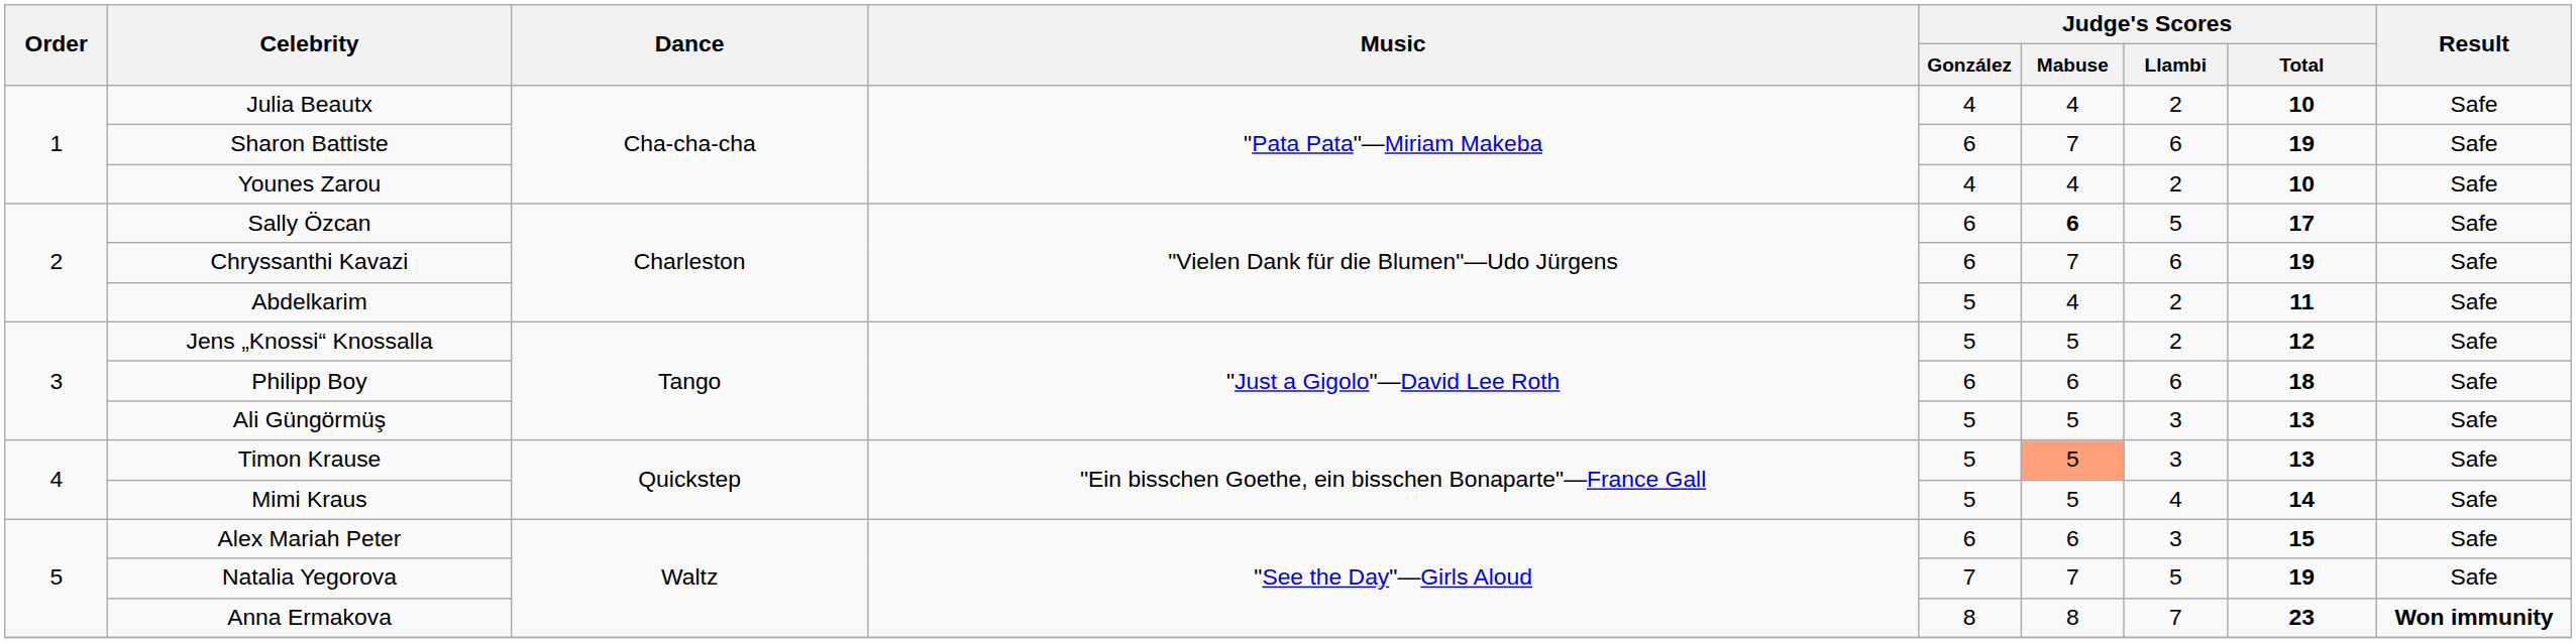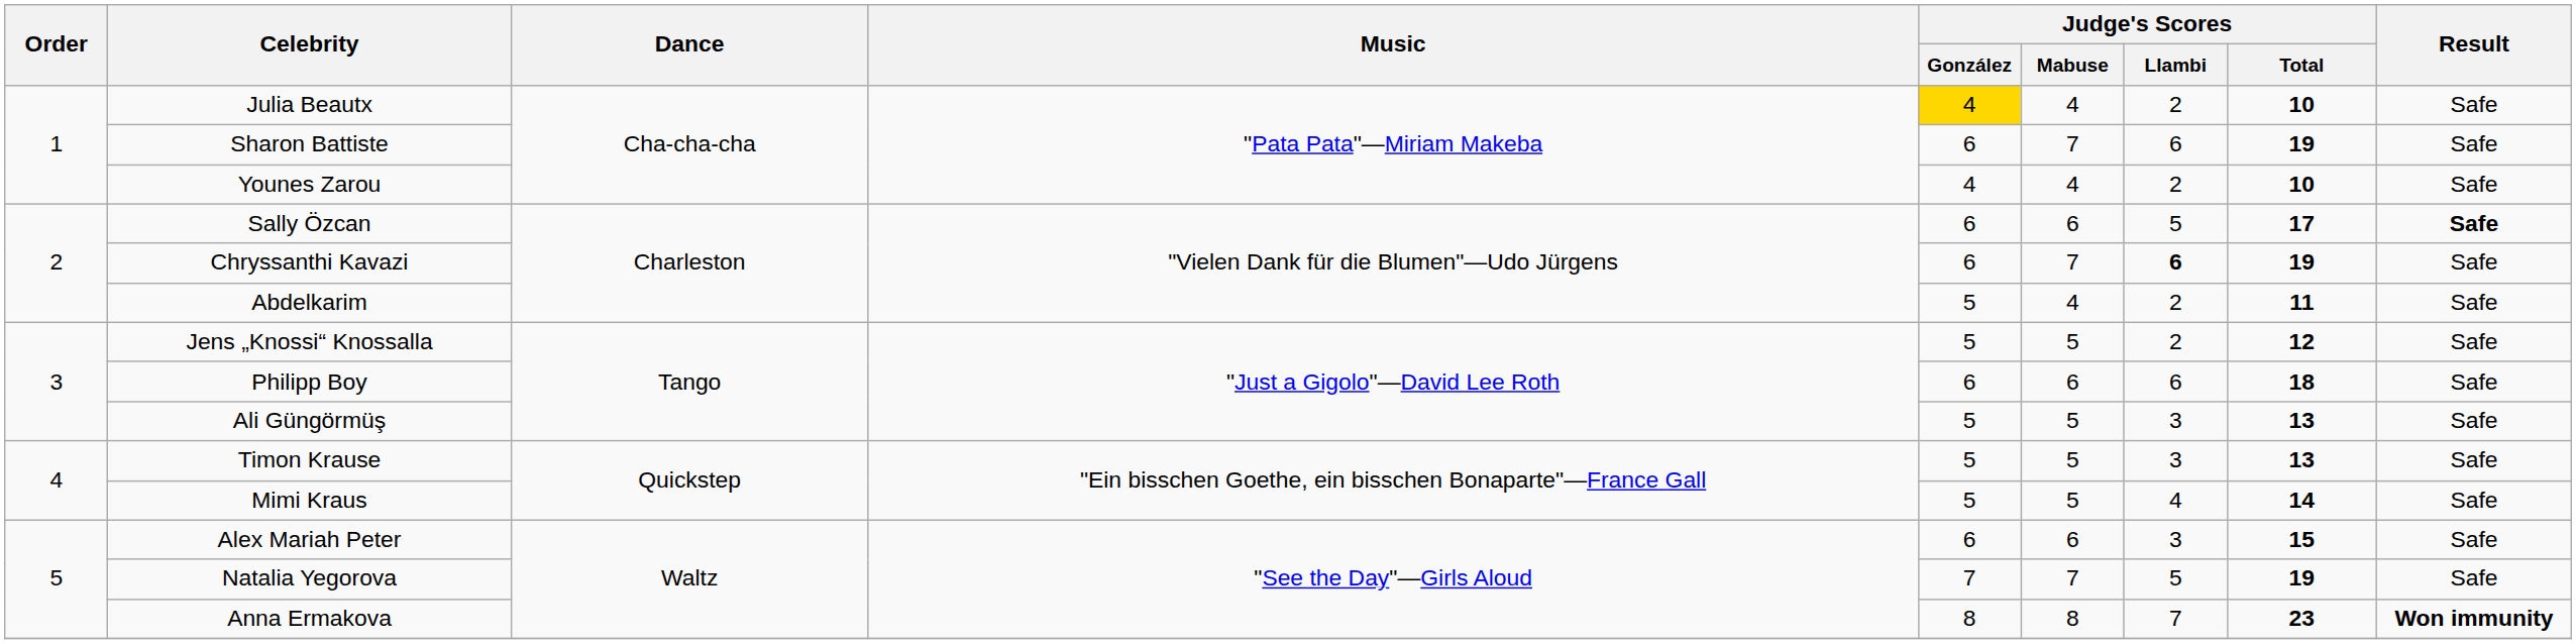 <table class="wikitable center sortable" style="text-align:center; font-size:100%; line-height:20px;">
 <tr>
 <th rowspan="2" style="width: 4em">Order</th>
 <th rowspan="2" style="width: 17em">Celebrity</th>
 <th rowspan="2" style="width: 15em">Dance</th>
 <th rowspan="2" style="width: 45em">Music</th>
 <th colspan="4">Judge's Scores</th>
 <th rowspan="2" style="width: 8em">Result</th>
 </tr>
 <tr>
 <th style="width: 4em"><small>González</small></th>
 <th style="width: 4em"><small>Mabuse</small></th>
 <th style="width: 4em"><small>Llambi</small></th>
 <th style="width: 6em"><small>Total</small></th>
 </tr>
 <tr>
 <td rowspan="3">1</td>
 <td>Julia Beautx</td>
 <td rowspan="3">Cha-cha-cha</td>
 <td rowspan="3">"<a href='#'>Pata Pata</a>"—<a href='#'>Miriam Makeba</a></td>
-<td>4</td>
+<td style="background: gold;">4</td>
 <td>4</td>
 <td>2</td>
 <td><strong>10</strong></td>
 <td>Safe</td>
 </tr>
 <tr>
 <td>Sharon Battiste</td>
 <td>6</td>
 <td>7</td>
 <td>6</td>
 <td><strong>19</strong></td>
 <td>Safe</td>
 </tr>
 <tr>
 <td>Younes Zarou</td>
 <td>4</td>
 <td>4</td>
 <td>2</td>
 <td><strong>10</strong></td>
 <td>Safe</td>
 </tr>
 <tr>
 <td rowspan="3">2</td>
 <td>Sally Özcan</td>
 <td rowspan="3">Charleston</td>
 <td rowspan="3">"Vielen Dank für die Blumen"—Udo Jürgens</td>
 <td>6</td>
-<td><strong>6</strong></td>
+<td>6</td>
 <td>5</td>
 <td><strong>17</strong></td>
-<td>Safe</td>
+<td><strong>Safe</strong></td>
 </tr>
 <tr>
 <td>Chryssanthi Kavazi</td>
 <td>6</td>
 <td>7</td>
-<td>6</td>
+<td><strong>6</strong></td>
 <td><strong>19</strong></td>
 <td>Safe</td>
 </tr>
 <tr>
 <td>Abdelkarim</td>
 <td>5</td>
 <td>4</td>
 <td>2</td>
 <td><strong>11</strong></td>
 <td>Safe</td>
 </tr>
 <tr>
 <td rowspan="3">3</td>
 <td>Jens „Knossi“ Knossalla</td>
 <td rowspan="3">Tango</td>
 <td rowspan="3">"<a href='#'>Just a Gigolo</a>"—<a href='#'>David Lee Roth</a></td>
 <td>5</td>
 <td>5</td>
 <td>2</td>
 <td><strong>12</strong></td>
 <td>Safe</td>
 </tr>
 <tr>
 <td>Philipp Boy</td>
 <td>6</td>
 <td>6</td>
 <td>6</td>
 <td><strong>18</strong></td>
 <td>Safe</td>
 </tr>
 <tr>
 <td>Ali Güngörmüş</td>
 <td>5</td>
 <td>5</td>
 <td>3</td>
 <td><strong>13</strong></td>
 <td>Safe</td>
 </tr>
 <tr>
 <td rowspan="2">4</td>
 <td>Timon Krause</td>
 <td rowspan="2">Quickstep</td>
 <td rowspan="2">"Ein bisschen Goethe, ein bisschen Bonaparte"—<a href='#'>France Gall</a></td>
 <td>5</td>
-<td style="background: lightsalmon;">5</td>
+<td>5</td>
 <td>3</td>
 <td><strong>13</strong></td>
 <td>Safe</td>
 </tr>
 <tr>
 <td>Mimi Kraus</td>
 <td>5</td>
 <td>5</td>
 <td>4</td>
 <td><strong>14</strong></td>
 <td>Safe</td>
 </tr>
 <tr>
 <td rowspan="3">5</td>
 <td>Alex Mariah Peter</td>
 <td rowspan="3">Waltz</td>
 <td rowspan="3">"<a href='#'>See the Day</a>"—<a href='#'>Girls Aloud</a></td>
 <td>6</td>
 <td>6</td>
 <td>3</td>
 <td><strong>15</strong></td>
 <td>Safe</td>
 </tr>
 <tr>
 <td>Natalia Yegorova</td>
 <td>7</td>
 <td>7</td>
 <td>5</td>
 <td><strong>19</strong></td>
 <td>Safe</td>
 </tr>
 <tr>
 <td>Anna Ermakova</td>
 <td>8</td>
 <td>8</td>
 <td>7</td>
 <td><strong>23</strong></td>
 <td><strong>Won immunity</strong></td>
 </tr>
 <tr>
 </tr>
 </table>
